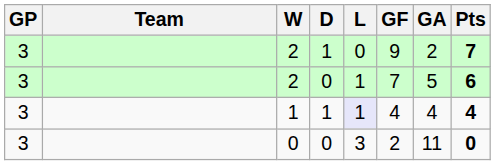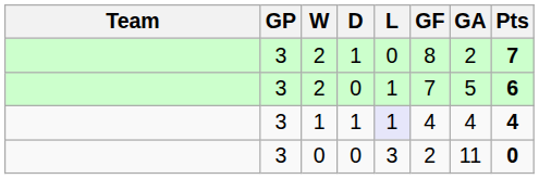 <table class="wikitable" style="text-align:center;">
 <tr>
+<th width=185>Team</th>
 <th width=20>GP</th>
-<th width=185>Team</th>
 <th width=20>W</th>
 <th width=20>D</th>
 <th width=20>L</th>
 <th width=20>GF</th>
 <th width=20>GA</th>
 <th width=20>Pts</th>
 </tr>
 <tr bgcolor=#ccffcc align=center>
+<td style="text-align:left;"></td>
 <td>3</td>
-<td style="text-align:left;"></td>
 <td>2</td>
 <td>1</td>
 <td>0</td>
-<td>9</td>
+<td>8</td>
 <td>2</td>
 <td><strong>7</strong></td>
 </tr>
 <tr bgcolor=#ccffcc align=center>
+<td style="text-align:left;"></td>
 <td>3</td>
-<td style="text-align:left;"></td>
 <td>2</td>
 <td>0</td>
 <td>1</td>
 <td>7</td>
 <td>5</td>
 <td><strong>6</strong></td>
 </tr>
 <tr align=center>
+<td style="text-align:left;"></td>
 <td>3</td>
-<td style="text-align:left;"></td>
 <td>1</td>
 <td>1</td>
 <td style="background: lavender;">1</td>
 <td>4</td>
 <td>4</td>
 <td><strong>4</strong></td>
 </tr>
 <tr align=center>
+<td style="text-align:left;"></td>
 <td>3</td>
-<td style="text-align:left;"></td>
 <td>0</td>
 <td>0</td>
 <td>3</td>
 <td>2</td>
 <td>11</td>
 <td><strong>0</strong></td>
 </tr>
 </table>
